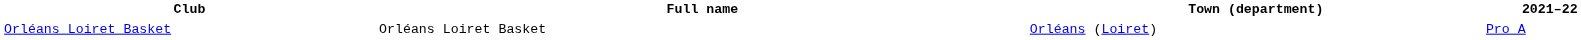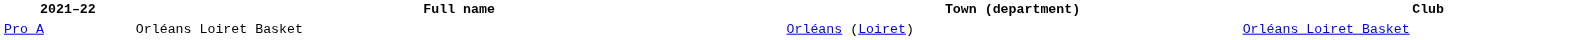 <table width="100%">
 <tr>
-<th width="23%">Club</th>
+<th width="8%">2021–22</th>
 <th width="40%">Full name</th>
 <th width="28%">Town (department)</th>
-<th width="8%">2021–22</th>
+<th width="23%">Club</th>
 </tr>
 <tr>
-<td><a href='#'>Orléans Loiret Basket</a></td>
+<td><a href='#'>Pro A</a></td>
 <td>Orléans Loiret Basket</td>
 <td><a href='#'>Orléans</a> (<a href='#'>Loiret</a>)</td>
-<td><a href='#'>Pro A</a></td>
+<td><a href='#'>Orléans Loiret Basket</a></td>
 </tr>
 </table>
